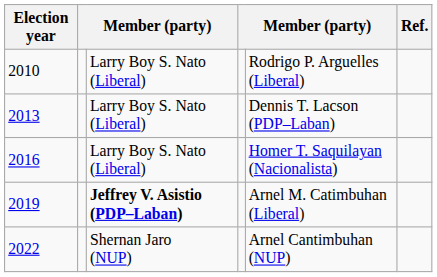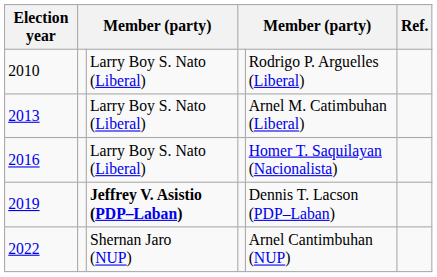 <table class="wikitable" style="font-size:90%">
 <tr>
 <th width="60px">Election<br>year</th>
 <th colspan="2" width="140px">Member (party)</th>
 <th colspan="2" width="140px">Member (party)</th>
 <th>Ref.</th>
 </tr>
 <tr>
 <td>2010</td>
 <td></td>
 <td>Larry Boy S. Nato<br>(<a href='#'>Liberal</a>)</td>
 <td></td>
 <td>Rodrigo P. Arguelles<br>(<a href='#'>Liberal</a>)</td>
 <td></td>
 </tr>
 <tr>
 <td><a href='#'>2013</a></td>
 <td></td>
 <td>Larry Boy S. Nato<br>(<a href='#'>Liberal</a>)</td>
 <td></td>
-<td>Dennis T. Lacson<br>(<a href='#'>PDP–Laban</a>)</td>
+<td>Arnel M. Catimbuhan<br>(<a href='#'>Liberal</a>)</td>
 <td></td>
 </tr>
 <tr>
 <td><a href='#'>2016</a></td>
 <td></td>
 <td>Larry Boy S. Nato<br>(<a href='#'>Liberal</a>)</td>
 <td></td>
 <td><a href='#'>Homer T. Saquilayan</a><br>(<a href='#'>Nacionalista</a>)</td>
 <td></td>
 </tr>
 <tr>
 <td><a href='#'>2019</a></td>
 <td></td>
 <td><strong>Jeffrey V. Asistio<br>(<a href='#'>PDP–Laban</a>)</strong></td>
 <td></td>
-<td>Arnel M. Catimbuhan<br>(<a href='#'>Liberal</a>)</td>
+<td>Dennis T. Lacson<br>(<a href='#'>PDP–Laban</a>)</td>
 <td></td>
 </tr>
 <tr>
 <td><a href='#'>2022</a></td>
 <td></td>
 <td>Shernan Jaro<br>(<a href='#'>NUP</a>)</td>
 <td></td>
 <td>Arnel Cantimbuhan<br>(<a href='#'>NUP</a>)</td>
 <td></td>
 </tr>
 </table>
